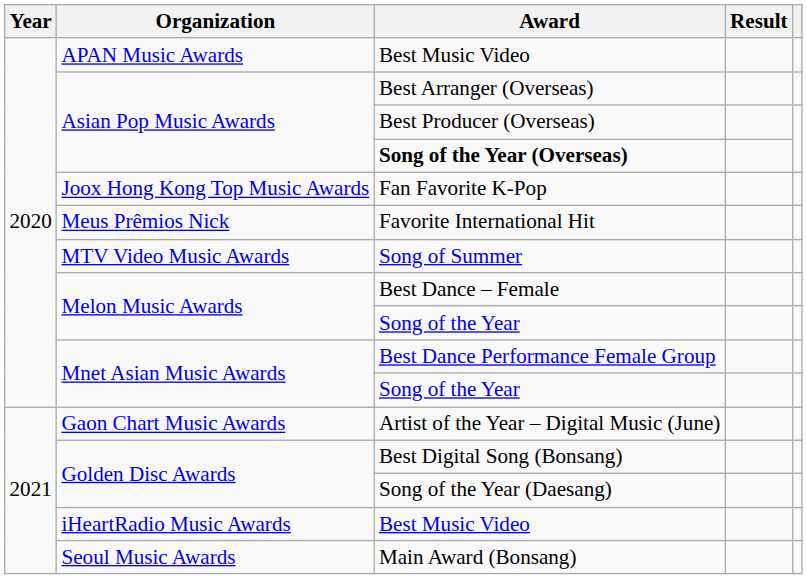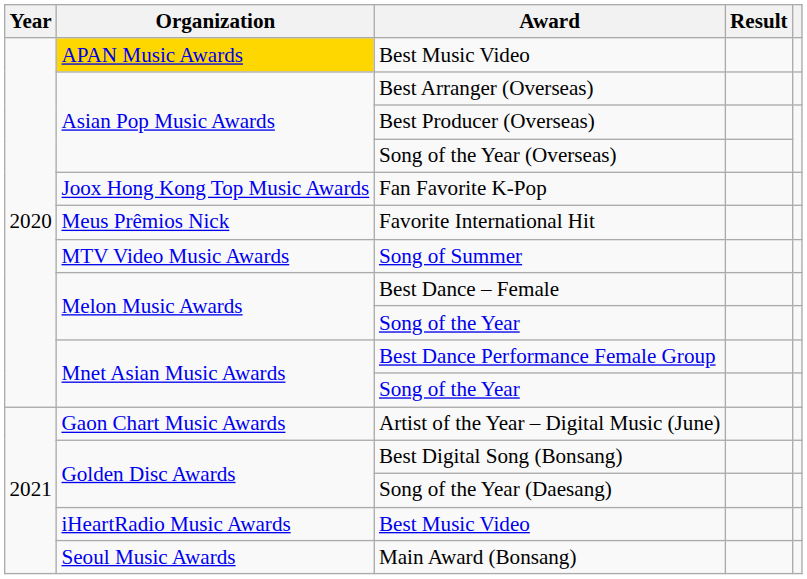 <table class="wikitable sortable plainrowheaders">
 <tr>
 <th scope="col">Year</th>
 <th scope="col">Organization</th>
 <th scope="col">Award</th>
 <th scope="col">Result</th>
 <th class="unsortable"></th>
 </tr>
 <tr>
 <td rowspan="11" align="center">2020</td>
-<td><a href='#'>APAN Music Awards</a></td>
+<td style="background: gold;"><a href='#'>APAN Music Awards</a></td>
 <td>Best Music Video</td>
 <td></td>
 <td align="center"></td>
 </tr>
 <tr>
 <td rowspan="3"><a href='#'>Asian Pop Music Awards</a></td>
 <td>Best Arranger (Overseas)</td>
 <td></td>
 <td align="center"></td>
 </tr>
 <tr>
 <td>Best Producer (Overseas)</td>
 <td></td>
 <td rowspan="2" align="center"></td>
 </tr>
 <tr>
-<td><strong>Song of the Year (Overseas)</strong></td>
+<td>Song of the Year (Overseas)</td>
 <td></td>
 </tr>
 <tr>
 <td><a href='#'>Joox Hong Kong Top Music Awards</a></td>
 <td>Fan Favorite K-Pop</td>
 <td></td>
 <td style="text-align:center;"></td>
 </tr>
 <tr>
 <td><a href='#'>Meus Prêmios Nick</a></td>
 <td>Favorite International Hit</td>
 <td></td>
 <td align="center"></td>
 </tr>
 <tr>
 <td><a href='#'>MTV Video Music Awards</a></td>
 <td><a href='#'>Song of Summer</a></td>
 <td></td>
 <td align="center"></td>
 </tr>
 <tr>
 <td rowspan="2"><a href='#'>Melon Music Awards</a></td>
 <td>Best Dance – Female</td>
 <td></td>
 <td align="center"></td>
 </tr>
 <tr>
 <td><a href='#'>Song of the Year</a></td>
 <td></td>
 <td align="center"></td>
 </tr>
 <tr>
 <td rowspan="2"><a href='#'>Mnet Asian Music Awards</a></td>
 <td><a href='#'>Best Dance Performance Female Group</a></td>
 <td></td>
 <td align="center"></td>
 </tr>
 <tr>
 <td><a href='#'>Song of the Year</a></td>
 <td></td>
 <td align="center"></td>
 </tr>
 <tr>
 <td rowspan="5" align="center">2021</td>
 <td><a href='#'>Gaon Chart Music Awards</a></td>
 <td>Artist of the Year – Digital Music (June)</td>
 <td></td>
 <td align="center"></td>
 </tr>
 <tr>
 <td rowspan="2"><a href='#'>Golden Disc Awards</a></td>
 <td>Best Digital Song (Bonsang)</td>
 <td></td>
 <td style="text-align:center"></td>
 </tr>
 <tr>
 <td>Song of the Year (Daesang)</td>
 <td></td>
 <td style="text-align:center"></td>
 </tr>
 <tr>
 <td><a href='#'>iHeartRadio Music Awards</a></td>
 <td><a href='#'>Best Music Video</a></td>
 <td></td>
 <td style="text-align:center;"></td>
 </tr>
 <tr>
 <td><a href='#'>Seoul Music Awards</a></td>
 <td>Main Award (Bonsang)</td>
 <td></td>
 <td style="text-align:center;"></td>
 </tr>
 </table>
